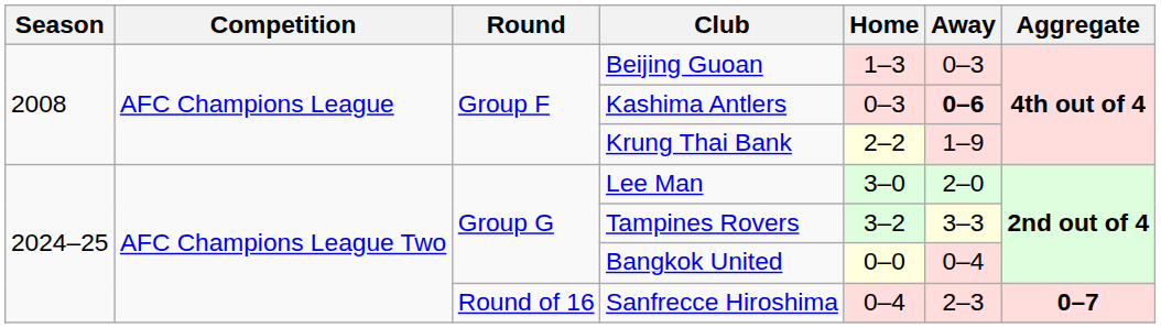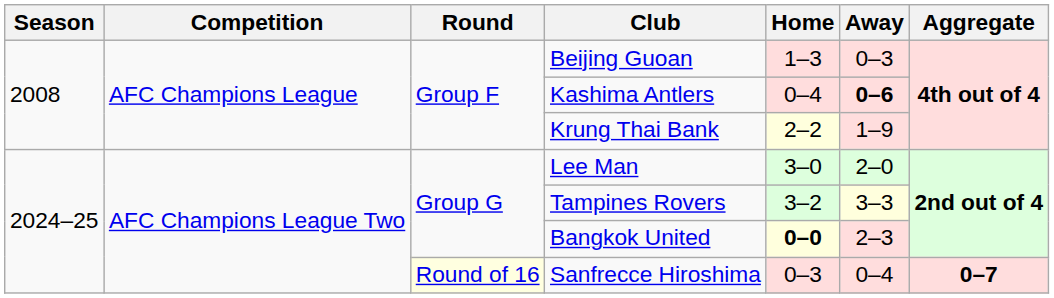 <table class="wikitable">
 <tr>
 <th>Season</th>
 <th>Competition</th>
 <th>Round</th>
 <th>Club</th>
 <th>Home</th>
 <th>Away</th>
 <th>Aggregate</th>
 </tr>
 <tr>
 <td rowspan="3">2008</td>
 <td rowspan="3"><a href='#'>AFC Champions League</a></td>
 <td rowspan="3"><a href='#'>Group F</a></td>
 <td> <a href='#'>Beijing Guoan</a></td>
 <td style="background:#fdd;" align="center">1–3</td>
 <td style="background:#fdd;" align="center">0–3</td>
 <td rowspan="3" style="background:#fdd;" align="center"><strong>4th out of 4</strong></td>
 </tr>
 <tr>
 <td> <a href='#'>Kashima Antlers</a></td>
-<td style="background:#fdd;" align="center">0–3</td>
+<td style="background:#fdd;" align="center">0–4</td>
 <td style="background:#fdd;" align="center"><strong>0–6</strong></td>
 </tr>
 <tr>
 <td> <a href='#'>Krung Thai Bank</a></td>
 <td style="background:#ffd;" align="center">2–2</td>
 <td style="background:#fdd;" align="center">1–9</td>
 </tr>
 <tr>
 <td rowspan="4">2024–25</td>
 <td rowspan="4"><a href='#'>AFC Champions League Two</a></td>
 <td rowspan="3"><a href='#'>Group G</a></td>
 <td> <a href='#'>Lee Man</a></td>
 <td style="background:#dfd;" align="center">3–0</td>
 <td style="background:#dfd;" align="center">2–0</td>
 <td rowspan="3" style="background:#dfd;" align="center"><strong>2nd out of 4</strong></td>
 </tr>
 <tr>
 <td> <a href='#'>Tampines Rovers</a></td>
 <td style="background:#dfd;" align="center">3–2</td>
 <td style="background:#ffd;" align="center">3–3</td>
 </tr>
 <tr>
 <td> <a href='#'>Bangkok United</a></td>
-<td style="background:#ffd;" align="center">0–0</td>
-<td style="background:#fdd;"  align="center">0–4</td>
+<td style="background:#ffd;" align="center"><strong>0–0</strong></td>
+<td style="background:#fdd;" align="center">2–3</td>
 </tr>
 <tr>
-<td><a href='#'>Round of 16</a></td>
+<td style="background: lightyellow;"><a href='#'>Round of 16</a></td>
 <td> <a href='#'>Sanfrecce Hiroshima</a></td>
-<td style="background:#fdd;" align="center">0–4</td>
-<td style="background:#fdd;" align="center">2–3</td>
+<td style="background:#fdd;" align="center">0–3</td>
+<td style="background:#fdd;"  align="center">0–4</td>
 <td style="background:#fdd;"  align="center"><strong>0–7</strong></td>
 </tr>
 </table>
